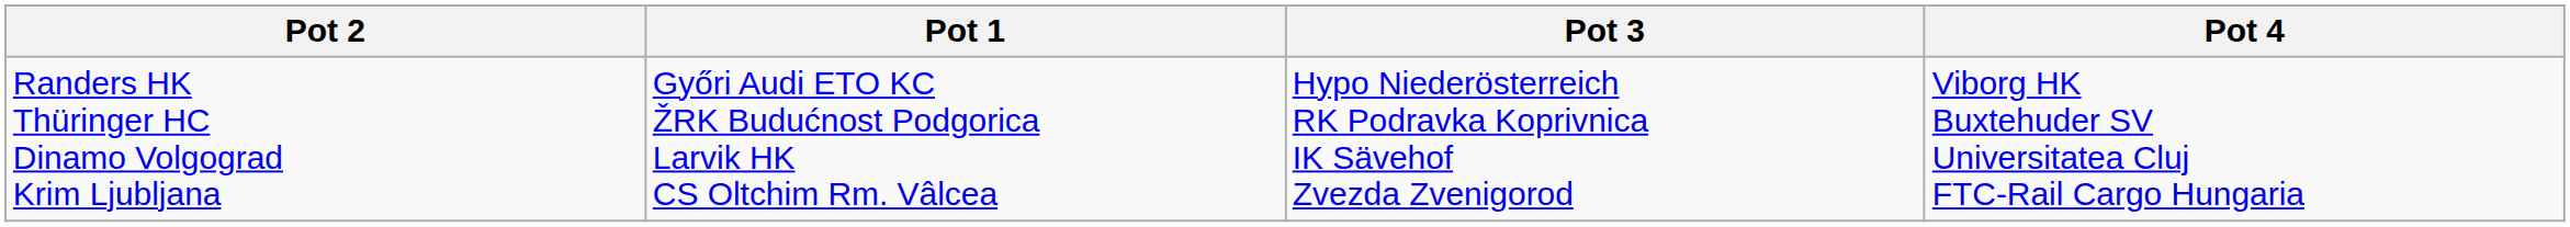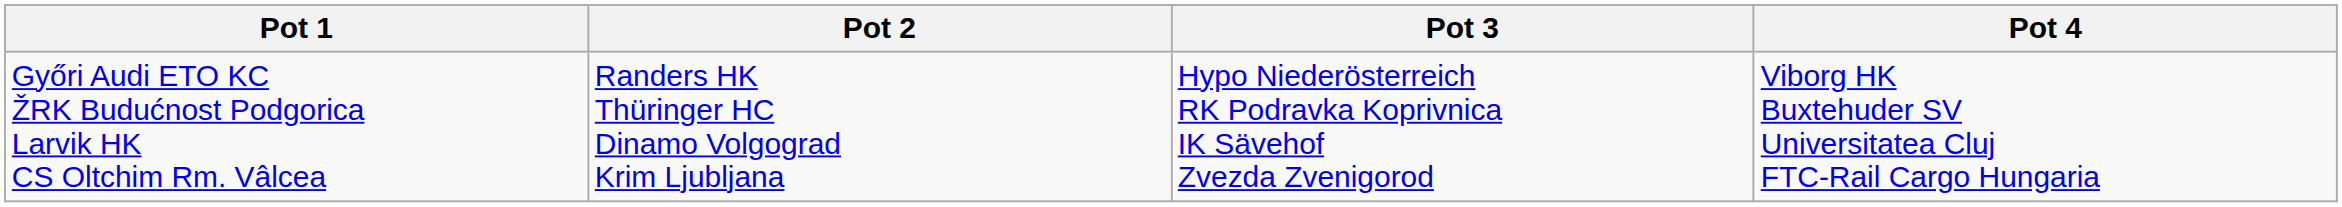 <table class="wikitable">
 <tr>
+<th width=15%>Pot 1</th>
 <th width=15%>Pot 2</th>
-<th width=15%>Pot 1</th>
 <th width=15%>Pot 3</th>
 <th width=15%>Pot 4</th>
 </tr>
 <tr>
+<td valign="top"> <a href='#'>Győri Audi ETO KC</a><br> <a href='#'>ŽRK Budućnost Podgorica</a><br> <a href='#'>Larvik HK</a><br> <a href='#'>CS Oltchim Rm. Vâlcea</a></td>
 <td valign="top"> <a href='#'>Randers HK</a><br> <a href='#'>Thüringer HC</a><br> <a href='#'>Dinamo Volgograd</a><br> <a href='#'>Krim Ljubljana</a></td>
-<td valign="top"> <a href='#'>Győri Audi ETO KC</a><br> <a href='#'>ŽRK Budućnost Podgorica</a><br> <a href='#'>Larvik HK</a><br> <a href='#'>CS Oltchim Rm. Vâlcea</a></td>
 <td valign="top"> <a href='#'>Hypo Niederösterreich</a> <br> <a href='#'>RK Podravka Koprivnica</a><br> <a href='#'>IK Sävehof</a><br> <a href='#'>Zvezda Zvenigorod</a></td>
 <td valign="top"> <a href='#'>Viborg HK</a><br> <a href='#'>Buxtehuder SV</a><br> <a href='#'>Universitatea Cluj</a><br> <a href='#'>FTC-Rail Cargo Hungaria</a></td>
 </tr>
 </table>
